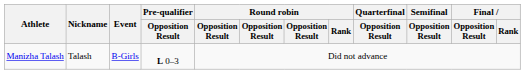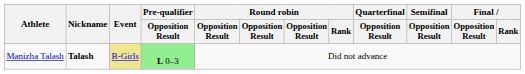 <table class="wikitable" style="font-size:90%">
 <tr>
 <th rowspan=2>Athlete</th>
 <th rowspan=2>Nickname</th>
 <th rowspan=2>Event</th>
 <th>Pre-qualifier</th>
 <th colspan=4>Round robin</th>
 <th>Quarterfinal</th>
 <th>Semifinal</th>
 <th colspan=2>Final / </th>
 </tr>
 <tr style="font-size: 95%">
 <th>Opposition<br>Result</th>
 <th>Opposition<br>Result</th>
 <th>Opposition<br>Result</th>
 <th>Opposition<br>Result</th>
 <th>Rank</th>
 <th>Opposition<br>Result</th>
 <th>Opposition<br>Result</th>
 <th>Opposition<br>Result</th>
 <th>Rank</th>
 </tr>
 <tr align=center>
 <td align=left><a href='#'>Manizha Talash</a></td>
-<td align=left>Talash</td>
-<td align=left><a href='#'>B-Girls</a></td>
-<td><br><strong>L</strong> 0–3 <strong></strong></td>
+<td align=left><strong>Talash</strong></td>
+<td align=left style="background: khaki;"><a href='#'>B-Girls</a></td>
+<td style="background: lightgreen;"><br><strong>L</strong> 0–3 <strong></strong></td>
 <td colspan=8>Did not advance</td>
 </tr>
 </table>
